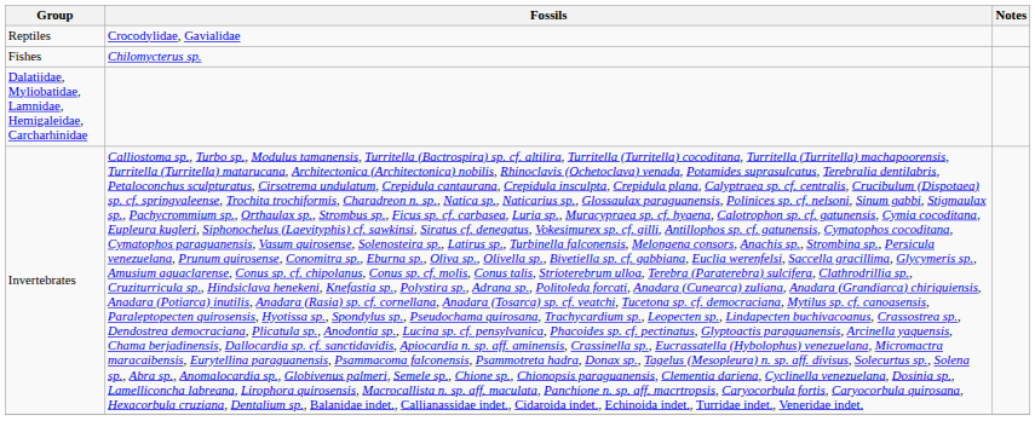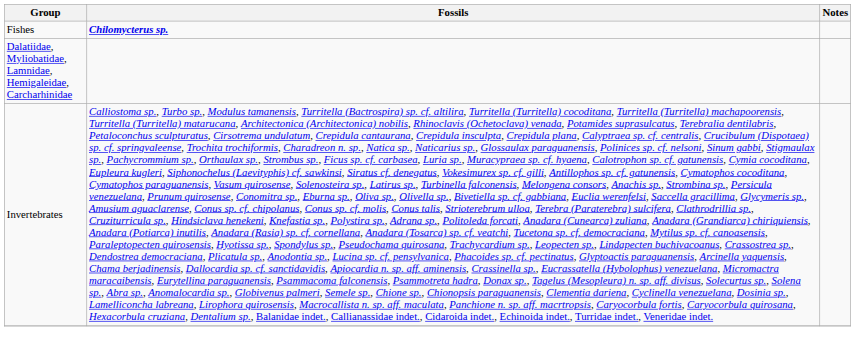 <table class="wikitable sortable mw-collapsible" width=100%>
 <tr>
 <th>Group</th>
 <th>Fossils</th>
 <th>Notes</th>
 </tr>
 <tr>
-<td style="background-color: ">Reptiles</td>
-<td><a href='#'>Crocodylidae</a>, <a href='#'>Gavialidae</a></td>
-<td></td>
-</tr>
-<tr>
 <td style="background-color: ">Fishes</td>
-<td><em><a href='#'>Chilomycterus sp.</a></em></td>
+<td><strong><em><a href='#'>Chilomycterus sp.</a></em></strong></td>
 <td></td>
 </tr>
 <tr>
 <td><a href='#'>Dalatiidae</a>, <a href='#'>Myliobatidae</a>, <a href='#'>Lamnidae</a>, <a href='#'>Hemigaleidae</a>, <a href='#'>Carcharhinidae</a></td>
 <td></td>
 </tr>
 <tr>
 <td style="background-color: ">Invertebrates</td>
 <td><em><a href='#'>Calliostoma sp.</a></em>, <em><a href='#'>Turbo sp.</a></em>, <em><a href='#'>Modulus tamanensis</a></em>, <em><a href='#'>Turritella (Bactrospira) sp. cf. altilira</a></em>, <em><a href='#'>Turritella (Turritella) cocoditana</a></em>, <em><a href='#'>Turritella (Turritella) machapoorensis</a></em>, <em><a href='#'>Turritella (Turritella) matarucana</a></em>, <em><a href='#'>Architectonica (Architectonica) nobilis</a></em>, <em><a href='#'>Rhinoclavis (Ochetoclava) venada</a></em>, <em><a href='#'>Potamides suprasulcatus</a></em>, <em><a href='#'>Terebralia dentilabris</a></em>, <em><a href='#'>Petaloconchus sculpturatus</a></em>, <em><a href='#'>Cirsotrema undulatum</a></em>, <em><a href='#'>Crepidula cantaurana</a></em>, <em><a href='#'>Crepidula insculpta</a></em>, <em><a href='#'>Crepidula plana</a></em>, <em><a href='#'>Calyptraea sp. cf. centralis</a></em>, <em><a href='#'>Crucibulum (Dispotaea) sp. cf. springvaleense</a></em>, <em><a href='#'>Trochita trochiformis</a></em>, <em><a href='#'>Charadreon n. sp.</a></em>, <em><a href='#'>Natica sp.</a></em>, <em><a href='#'>Naticarius sp.</a></em>, <em><a href='#'>Glossaulax paraguanensis</a></em>, <em><a href='#'>Polinices sp. cf. nelsoni</a></em>, <em><a href='#'>Sinum gabbi</a></em>, <em><a href='#'>Stigmaulax sp.</a></em>, <em><a href='#'>Pachycrommium sp.</a></em>, <em><a href='#'>Orthaulax sp.</a></em>, <em><a href='#'>Strombus sp.</a></em>, <em><a href='#'>Ficus sp. cf. carbasea</a></em>, <em><a href='#'>Luria sp.</a></em>, <em><a href='#'>Muracypraea sp. cf. hyaena</a></em>, <em><a href='#'>Calotrophon sp. cf. gatunensis</a></em>, <em><a href='#'>Cymia cocoditana</a></em>, <em><a href='#'>Eupleura kugleri</a></em>, <em><a href='#'>Siphonochelus (Laevityphis) cf. sawkinsi</a></em>, <em><a href='#'>Siratus cf. denegatus</a></em>, <em><a href='#'>Vokesimurex sp. cf. gilli</a></em>, <em><a href='#'>Antillophos sp. cf. gatunensis</a></em>, <em><a href='#'>Cymatophos cocoditana</a></em>, <em><a href='#'>Cymatophos paraguanensis</a></em>, <em><a href='#'>Vasum quirosense</a></em>, <em><a href='#'>Solenosteira sp.</a></em>, <em><a href='#'>Latirus sp.</a></em>, <em><a href='#'>Turbinella falconensis</a></em>,  <em><a href='#'>Melongena consors</a></em>, <em><a href='#'>Anachis sp.</a></em>, <em><a href='#'>Strombina sp.</a></em>, <em><a href='#'>Persicula venezuelana</a></em>, <em><a href='#'>Prunum quirosense</a></em>, <em><a href='#'>Conomitra sp.</a></em>, <em><a href='#'>Eburna sp.</a></em>, <em><a href='#'>Oliva sp.</a></em>, <em><a href='#'>Olivella sp.</a></em>, <em><a href='#'>Bivetiella sp. cf. gabbiana</a></em>, <em><a href='#'>Euclia werenfelsi</a></em>, <em><a href='#'>Saccella gracillima</a></em>, <em><a href='#'>Glycymeris sp.</a></em>, <em><a href='#'>Amusium aguaclarense</a></em>, <em><a href='#'>Conus sp. cf. chipolanus</a></em>, <em><a href='#'>Conus sp. cf. molis</a></em>, <em><a href='#'>Conus talis</a></em>, <em><a href='#'>Strioterebrum ulloa</a></em>, <em><a href='#'>Terebra (Paraterebra) sulcifera</a></em>, <em><a href='#'>Clathrodrillia sp.</a></em>, <em><a href='#'>Cruziturricula sp.</a></em>, <em><a href='#'>Hindsiclava henekeni</a></em>, <em><a href='#'>Knefastia sp.</a></em>, <em><a href='#'>Polystira sp.</a></em>, <em><a href='#'>Adrana sp.</a></em>, <em><a href='#'>Politoleda forcati</a></em>, <em><a href='#'>Anadara (Cunearca) zuliana</a></em>, <em><a href='#'>Anadara (Grandiarca) chiriquiensis</a></em>, <em><a href='#'>Anadara (Potiarca) inutilis</a></em>, <em><a href='#'>Anadara (Rasia) sp. cf. cornellana</a></em>, <em><a href='#'>Anadara (Tosarca) sp. cf. veatchi</a></em>, <em><a href='#'>Tucetona sp. cf. democraciana</a></em>, <em><a href='#'>Mytilus sp. cf. canoasensis</a></em>, <em><a href='#'>Paraleptopecten quirosensis</a></em>, <em><a href='#'>Hyotissa sp.</a></em>, <em><a href='#'>Spondylus sp.</a></em>, <em><a href='#'>Pseudochama quirosana</a></em>, <em><a href='#'>Trachycardium sp.</a></em>, <em><a href='#'>Leopecten sp.</a></em>, <em><a href='#'>Lindapecten buchivacoanus</a></em>, <em><a href='#'>Crassostrea sp.</a></em>, <em><a href='#'>Dendostrea democraciana</a></em>, <em><a href='#'>Plicatula sp.</a></em>, <em><a href='#'>Anodontia sp.</a></em>, <em><a href='#'>Lucina sp. cf. pensylvanica</a></em>, <em><a href='#'>Phacoides sp. cf. pectinatus</a></em>, <em><a href='#'>Glyptoactis paraguanensis</a></em>, <em><a href='#'>Arcinella yaquensis</a></em>, <em><a href='#'>Chama berjadinensis</a></em>, <em><a href='#'>Dallocardia sp. cf. sanctidavidis</a></em>, <em><a href='#'>Apiocardia n. sp. aff. aminensis</a></em>, <em><a href='#'>Crassinella sp.</a></em>, <em><a href='#'>Eucrassatella (Hybolophus) venezuelana</a></em>, <em><a href='#'>Micromactra maracaibensis</a></em>, <em><a href='#'>Eurytellina paraguanensis</a></em>, <em><a href='#'>Psammacoma falconensis</a></em>, <em><a href='#'>Psammotreta hadra</a></em>, <em><a href='#'>Donax sp.</a></em>, <em><a href='#'>Tagelus (Mesopleura) n. sp. aff. divisus</a></em>, <em><a href='#'>Solecurtus sp.</a></em>, <em><a href='#'>Solena sp.</a></em>, <em><a href='#'>Abra sp.</a></em>, <em><a href='#'>Anomalocardia sp.</a></em>, <em><a href='#'>Globivenus palmeri</a></em>, <em><a href='#'>Semele sp.</a></em>, <em><a href='#'>Chione sp.</a></em>, <em><a href='#'>Chionopsis paraguanensis</a></em>, <em><a href='#'>Clementia dariena</a></em>, <em><a href='#'>Cyclinella venezuelana</a></em>, <em><a href='#'>Dosinia sp.</a></em>, <em><a href='#'>Lamelliconcha labreana</a></em>, <em><a href='#'>Lirophora quirosensis</a></em>, <em><a href='#'>Macrocallista n. sp. aff. maculata</a></em>, <em><a href='#'>Panchione n. sp. aff. macrtropsis</a></em>, <em><a href='#'>Caryocorbula fortis</a></em>, <em><a href='#'>Caryocorbula quirosana</a></em>, <em><a href='#'>Hexacorbula cruziana</a></em>, <em><a href='#'>Dentalium sp.</a></em>, <a href='#'>Balanidae indet.</a>, <a href='#'>Callianassidae indet.</a>, <a href='#'>Cidaroida indet.</a>, <a href='#'>Echinoida indet.</a>, <a href='#'>Turridae indet.</a>, <a href='#'>Veneridae indet.</a></td>
 <td></td>
 </tr>
 <tr>
 </tr>
 </table>
